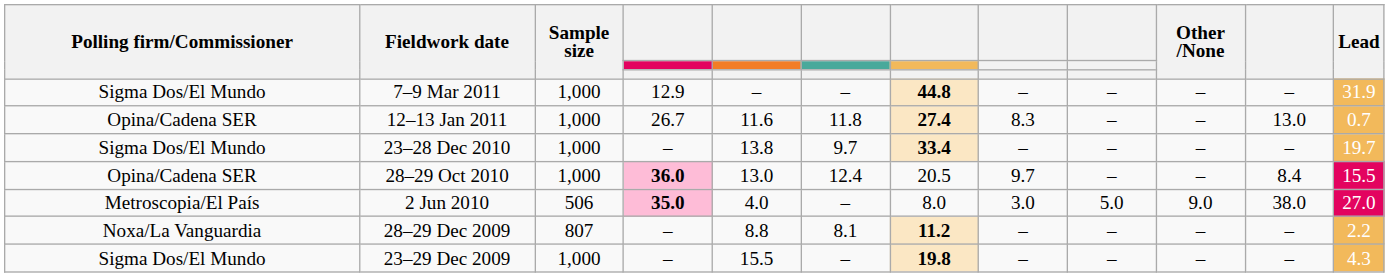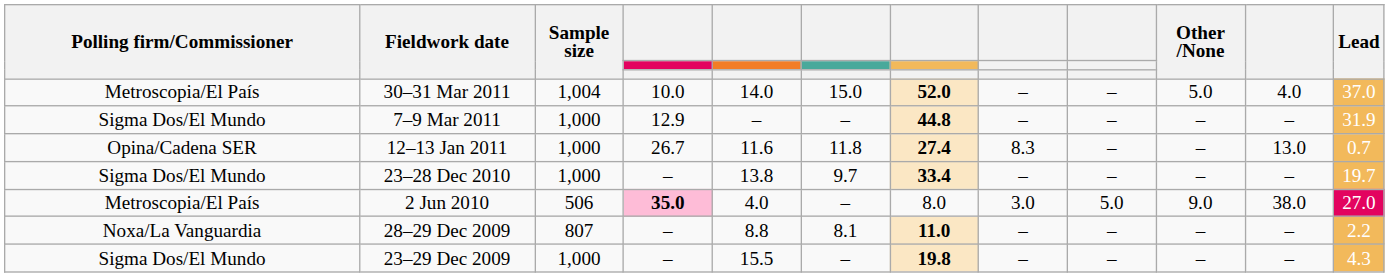 <table class="wikitable collapsible collapsed" style="text-align:center; font-size:90%; line-height:14px;">
 <tr style="height:42px;">
 <th style="width:260px;" rowspan="3">Polling firm/Commissioner</th>
 <th style="width:125px;" rowspan="3">Fieldwork date</th>
 <th style="width:60px;" rowspan="3">Sample size</th>
 <th style="width:60px;"></th>
 <th style="width:60px;"></th>
 <th style="width:60px;"></th>
 <th style="width:60px;"></th>
 <th style="width:60px;"></th>
 <th style="width:60px;"></th>
 <th style="width:60px;" rowspan="3">Other<br>/None</th>
 <th style="width:60px;" rowspan="3"></th>
 <th style="width:30px;" rowspan="3">Lead</th>
 </tr>
 <tr>
 <th style="color:inherit;background:#E3035F;"></th>
 <th style="color:inherit;background:#F27D26;"></th>
 <th style="color:inherit;background:#49A99B;"></th>
 <th style="color:inherit;background:#F2B95B;"></th>
 <th style="color:inherit;background:"></th>
 <th style="color:inherit;background:"></th>
 </tr>
 <tr>
 <th></th>
 <th></th>
 <th></th>
 <th></th>
 <th></th>
 <th></th>
+</tr>
+<tr>
+<td>Metroscopia/El País</td>
+<td>30–31 Mar 2011</td>
+<td>1,004</td>
+<td>10.0</td>
+<td>14.0</td>
+<td>15.0</td>
+<td style="color:inherit;background:#FBE7C4;"><strong>52.0</strong></td>
+<td>–</td>
+<td>–</td>
+<td>5.0</td>
+<td>4.0</td>
+<td style="color:inherit;background:#F2B95B; color:white;">37.0</td>
 </tr>
 <tr>
 <td>Sigma Dos/El Mundo</td>
 <td>7–9 Mar 2011</td>
 <td>1,000</td>
 <td>12.9</td>
 <td>–</td>
 <td>–</td>
 <td style="color:inherit;background:#FBE7C4;"><strong>44.8</strong></td>
 <td>–</td>
 <td>–</td>
 <td>–</td>
 <td>–</td>
 <td style="color:inherit;background:#F2B95B; color:white;">31.9</td>
 </tr>
 <tr>
 <td>Opina/Cadena SER</td>
 <td>12–13 Jan 2011</td>
 <td>1,000</td>
 <td>26.7</td>
 <td>11.6</td>
 <td>11.8</td>
 <td style="color:inherit;background:#FBE7C4;"><strong>27.4</strong></td>
 <td>8.3</td>
 <td>–</td>
 <td>–</td>
 <td>13.0</td>
 <td style="color:inherit;background:#F2B95B; color:white;">0.7</td>
 </tr>
 <tr>
 <td>Sigma Dos/El Mundo</td>
 <td>23–28 Dec 2010</td>
 <td>1,000</td>
 <td>–</td>
 <td>13.8</td>
 <td>9.7</td>
 <td style="color:inherit;background:#FBE7C4;"><strong>33.4</strong></td>
 <td>–</td>
 <td>–</td>
 <td>–</td>
 <td>–</td>
 <td style="color:inherit;background:#F2B95B; color:white;">19.7</td>
 </tr>
 <tr>
-<td>Opina/Cadena SER</td>
-<td>28–29 Oct 2010</td>
-<td>1,000</td>
-<td style="color:inherit;background:#FEBCD7;"><strong>36.0</strong></td>
-<td>13.0</td>
-<td>12.4</td>
-<td>20.5</td>
-<td>9.7</td>
-<td>–</td>
-<td>–</td>
-<td>8.4</td>
-<td style="color:inherit;background:#E3035F; color:white;">15.5</td>
-</tr>
-<tr>
 <td>Metroscopia/El País</td>
 <td>2 Jun 2010</td>
 <td>506</td>
 <td style="color:inherit;background:#FEBCD7;"><strong>35.0</strong></td>
 <td>4.0</td>
 <td>–</td>
 <td>8.0</td>
 <td>3.0</td>
 <td>5.0</td>
 <td>9.0</td>
 <td>38.0</td>
 <td style="color:inherit;background:#E3035F; color:white;">27.0</td>
 </tr>
 <tr>
 <td>Noxa/La Vanguardia</td>
 <td>28–29 Dec 2009</td>
 <td>807</td>
 <td>–</td>
 <td>8.8</td>
 <td>8.1</td>
-<td style="color:inherit;background:#FBE7C4;"><strong>11.2</strong></td>
+<td style="color:inherit;background:#FBE7C4;"><strong>11.0</strong></td>
 <td>–</td>
 <td>–</td>
 <td>–</td>
 <td>–</td>
 <td style="color:inherit;background:#F2B95B; color:white;">2.2</td>
 </tr>
 <tr>
 <td>Sigma Dos/El Mundo</td>
 <td>23–29 Dec 2009</td>
 <td>1,000</td>
 <td>–</td>
 <td>15.5</td>
 <td>–</td>
 <td style="color:inherit;background:#FBE7C4;"><strong>19.8</strong></td>
 <td>–</td>
 <td>–</td>
 <td>–</td>
 <td>–</td>
 <td style="color:inherit;background:#F2B95B; color:white;">4.3</td>
 </tr>
 </table>
